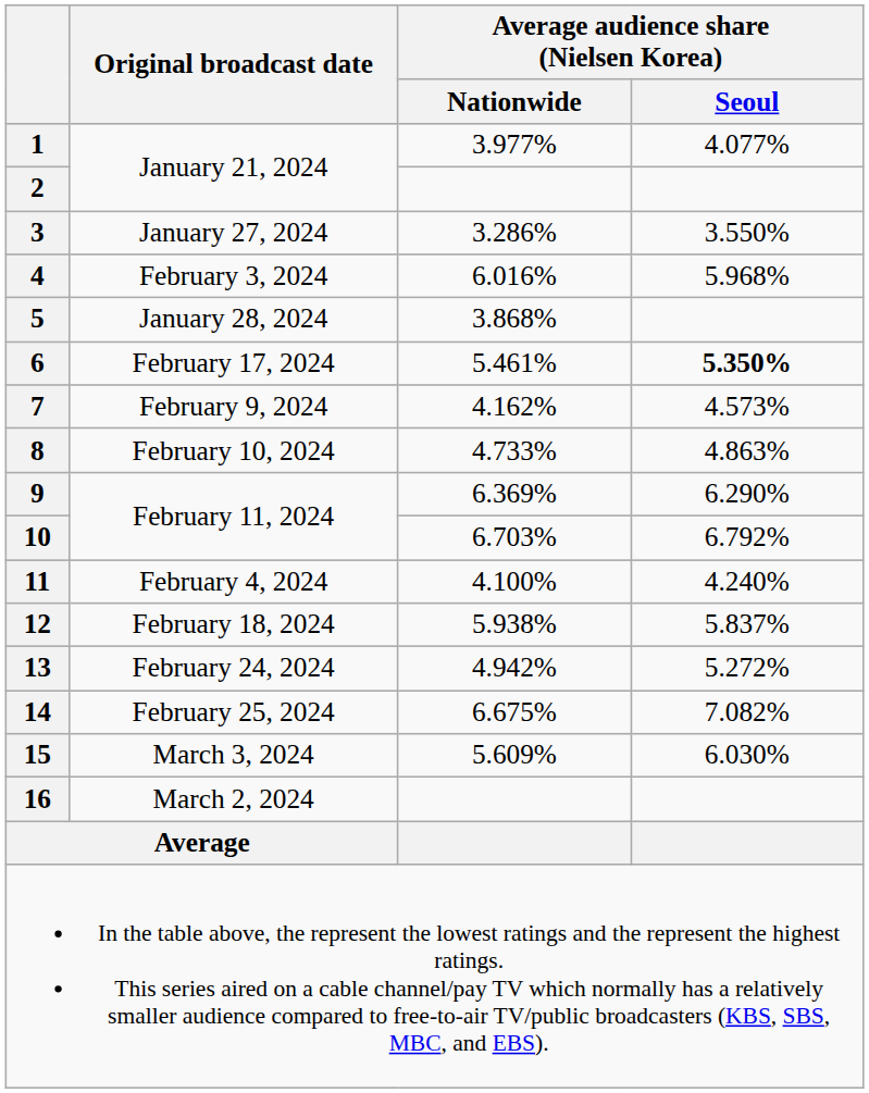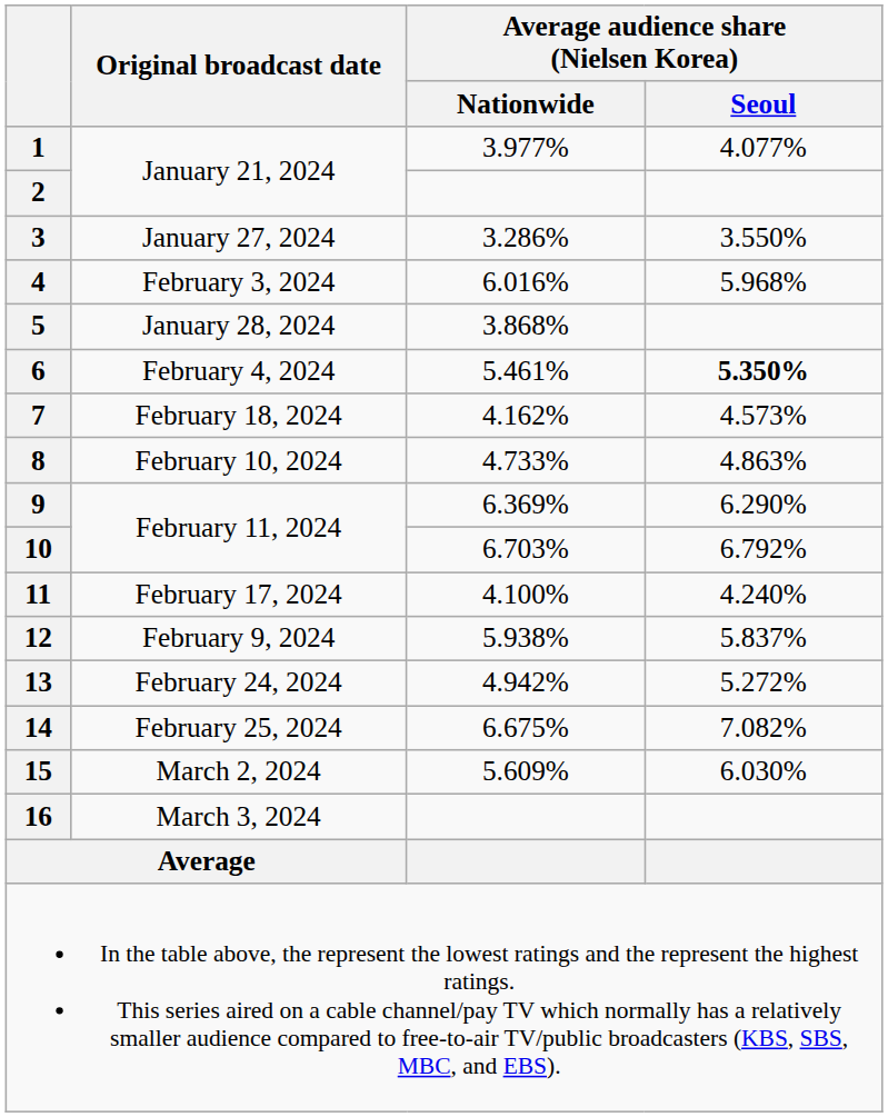 <table class="wikitable" style="margin-left:auto; margin-right:auto; width:500px; text-align:center">
 <tr>
 <th scope="col" rowspan="2"></th>
 <th scope="col" rowspan="2">Original broadcast date</th>
 <th scope="col" colspan="2">Average audience share<br>(Nielsen Korea)</th>
 </tr>
 <tr>
 <th scope="col" style="width:8em">Nationwide</th>
 <th scope="col" style="width:8em"><a href='#'>Seoul</a></th>
 </tr>
 <tr>
 <th scope="row">1</th>
 <td rowspan="2">January 21, 2024</td>
 <td>3.977% </td>
 <td>4.077% </td>
 </tr>
 <tr>
 <th scope="row">2</th>
 <td><strong></strong> </td>
 <td><strong></strong> </td>
 </tr>
 <tr>
 <th scope="row">3</th>
 <td>January 27, 2024</td>
 <td>3.286% </td>
 <td>3.550% </td>
 </tr>
 <tr>
 <th scope="row">4</th>
 <td>February 3, 2024</td>
 <td>6.016% </td>
 <td>5.968% </td>
 </tr>
 <tr>
 <th scope="row">5</th>
 <td>January 28, 2024</td>
 <td>3.868% </td>
 <td></td>
 </tr>
 <tr>
 <th scope="row">6</th>
-<td>February 17, 2024</td>
+<td>February 4, 2024</td>
 <td>5.461% </td>
 <td><strong>5.350% </strong></td>
 </tr>
 <tr>
 <th scope="row">7</th>
-<td>February 9, 2024</td>
+<td>February 18, 2024</td>
 <td>4.162% </td>
 <td>4.573% </td>
 </tr>
 <tr>
 <th scope="row">8</th>
 <td>February 10, 2024</td>
 <td>4.733% </td>
 <td>4.863% </td>
 </tr>
 <tr>
 <th scope="row">9</th>
 <td rowspan="2">February 11, 2024</td>
 <td>6.369% </td>
 <td>6.290% </td>
 </tr>
 <tr>
 <th scope="row">10</th>
 <td>6.703% </td>
 <td>6.792% </td>
 </tr>
 <tr>
 <th scope="row">11</th>
-<td>February 4, 2024</td>
+<td>February 17, 2024</td>
 <td>4.100% </td>
 <td>4.240% </td>
 </tr>
 <tr>
 <th scope="row">12</th>
-<td>February 18, 2024</td>
+<td>February 9, 2024</td>
 <td>5.938% </td>
 <td>5.837% </td>
 </tr>
 <tr>
 <th scope="row">13</th>
 <td>February 24, 2024</td>
 <td>4.942% </td>
 <td>5.272% </td>
 </tr>
 <tr>
 <th scope="row">14</th>
 <td>February 25, 2024</td>
 <td>6.675% </td>
 <td>7.082% </td>
 </tr>
 <tr>
 <th scope="row">15</th>
-<td>March 3, 2024</td>
+<td>March 2, 2024</td>
 <td>5.609% </td>
 <td>6.030% </td>
 </tr>
 <tr>
 <th scope="row">16</th>
-<td>March 2, 2024</td>
+<td>March 3, 2024</td>
 <td><strong></strong> </td>
 <td><strong></strong> </td>
 </tr>
 <tr>
 <th scope="col" colspan="2">Average</th>
 <th scope="col"></th>
 <th scope="col"></th>
 </tr>
 <tr>
 <td colspan="4" style="font-size:85%"><br><ul><li>In the table above, the <strong></strong> represent the lowest ratings and the <strong></strong> represent the highest ratings.</li><li>This series aired on a cable channel/pay TV which normally has a relatively smaller audience compared to free-to-air TV/public broadcasters (<a href='#'>KBS</a>, <a href='#'>SBS</a>, <a href='#'>MBC</a>, and <a href='#'>EBS</a>).</li></ul></td>
 </tr>
 </table>
